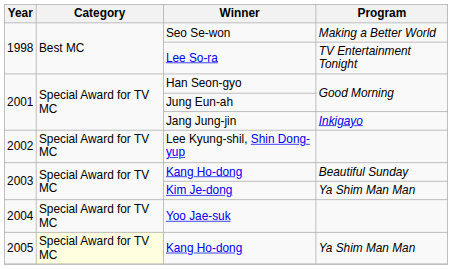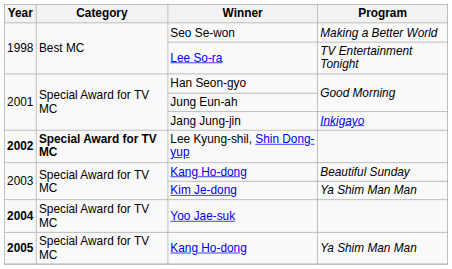 <table class="wikitable" style="width:600px">
 <tr>
 <th width=10>Year</th>
 <th>Category</th>
 <th>Winner</th>
 <th>Program</th>
 </tr>
 <tr>
 <td rowspan=2>1998</td>
 <td rowspan=2>Best MC</td>
 <td>Seo Se-won</td>
 <td><em>Making a Better World</em></td>
 </tr>
 <tr>
 <td><a href='#'>Lee So-ra</a></td>
 <td><em>TV Entertainment Tonight</em></td>
 </tr>
 <tr>
 <td rowspan=3>2001</td>
 <td rowspan=3>Special Award for TV MC</td>
 <td>Han Seon-gyo</td>
 <td rowspan=2><em>Good Morning</em></td>
 </tr>
 <tr>
 <td>Jung Eun-ah</td>
 </tr>
 <tr>
 <td>Jang Jung-jin</td>
 <td><em><a href='#'>Inkigayo</a></em></td>
 </tr>
 <tr>
-<td>2002</td>
-<td>Special Award for TV MC</td>
+<td><strong>2002</strong></td>
+<td><strong>Special Award for TV MC</strong></td>
 <td>Lee Kyung-shil, <a href='#'>Shin Dong-yup</a></td>
 <td></td>
 </tr>
 <tr>
 <td rowspan=2>2003</td>
 <td rowspan=2>Special Award for TV MC</td>
 <td><a href='#'>Kang Ho-dong</a></td>
 <td><em>Beautiful Sunday</em></td>
 </tr>
 <tr>
 <td><a href='#'>Kim Je-dong</a></td>
 <td><em>Ya Shim Man Man</em></td>
 </tr>
 <tr>
-<td>2004</td>
+<td><strong>2004</strong></td>
 <td>Special Award for TV MC</td>
 <td><a href='#'>Yoo Jae-suk</a></td>
 <td></td>
 </tr>
 <tr>
-<td>2005</td>
-<td style="background: lightyellow;">Special Award for TV MC</td>
+<td><strong>2005</strong></td>
+<td>Special Award for TV MC</td>
 <td><a href='#'>Kang Ho-dong</a></td>
 <td><em>Ya Shim Man Man</em></td>
 </tr>
 <tr>
 </tr>
 </table>
